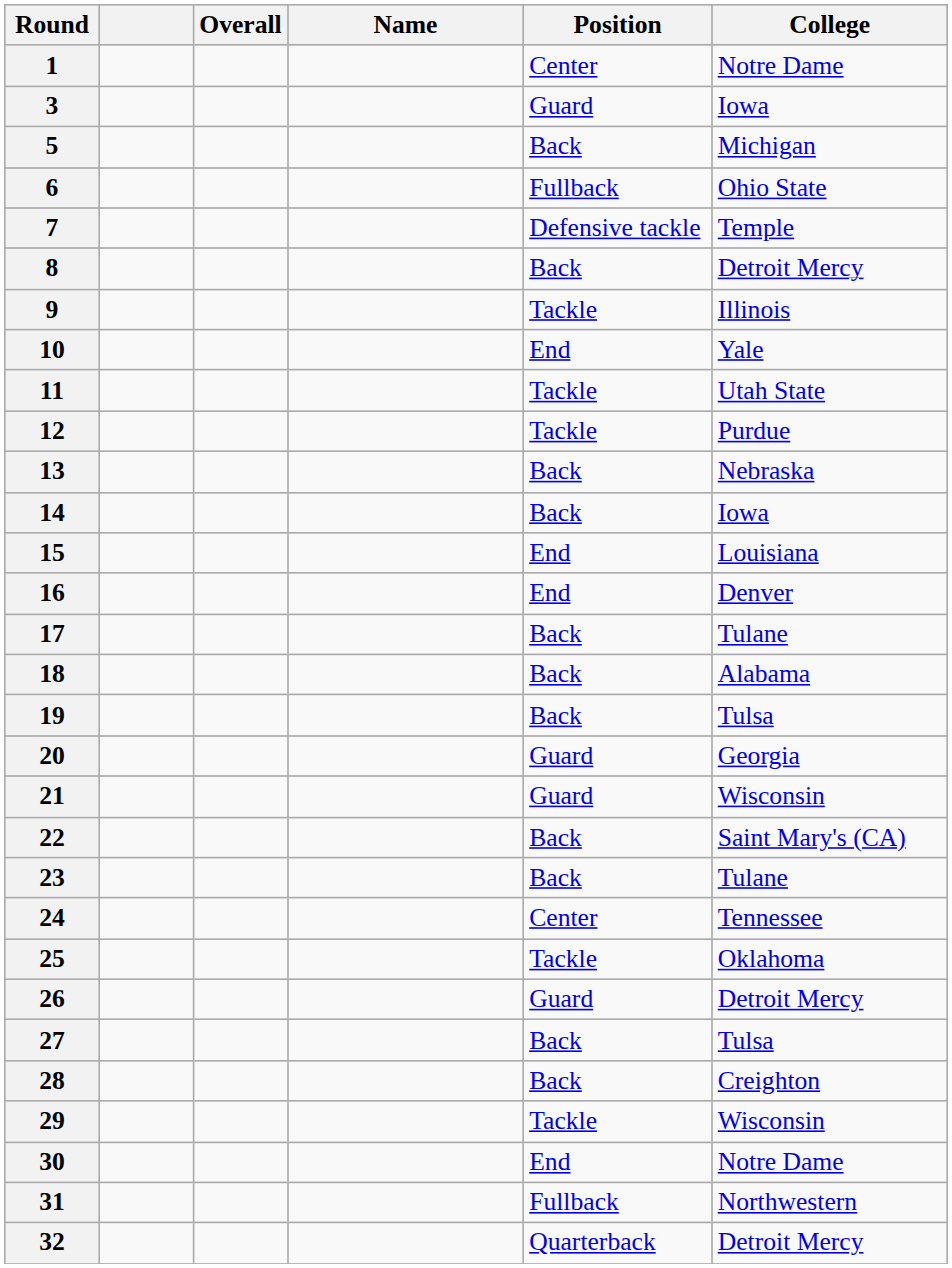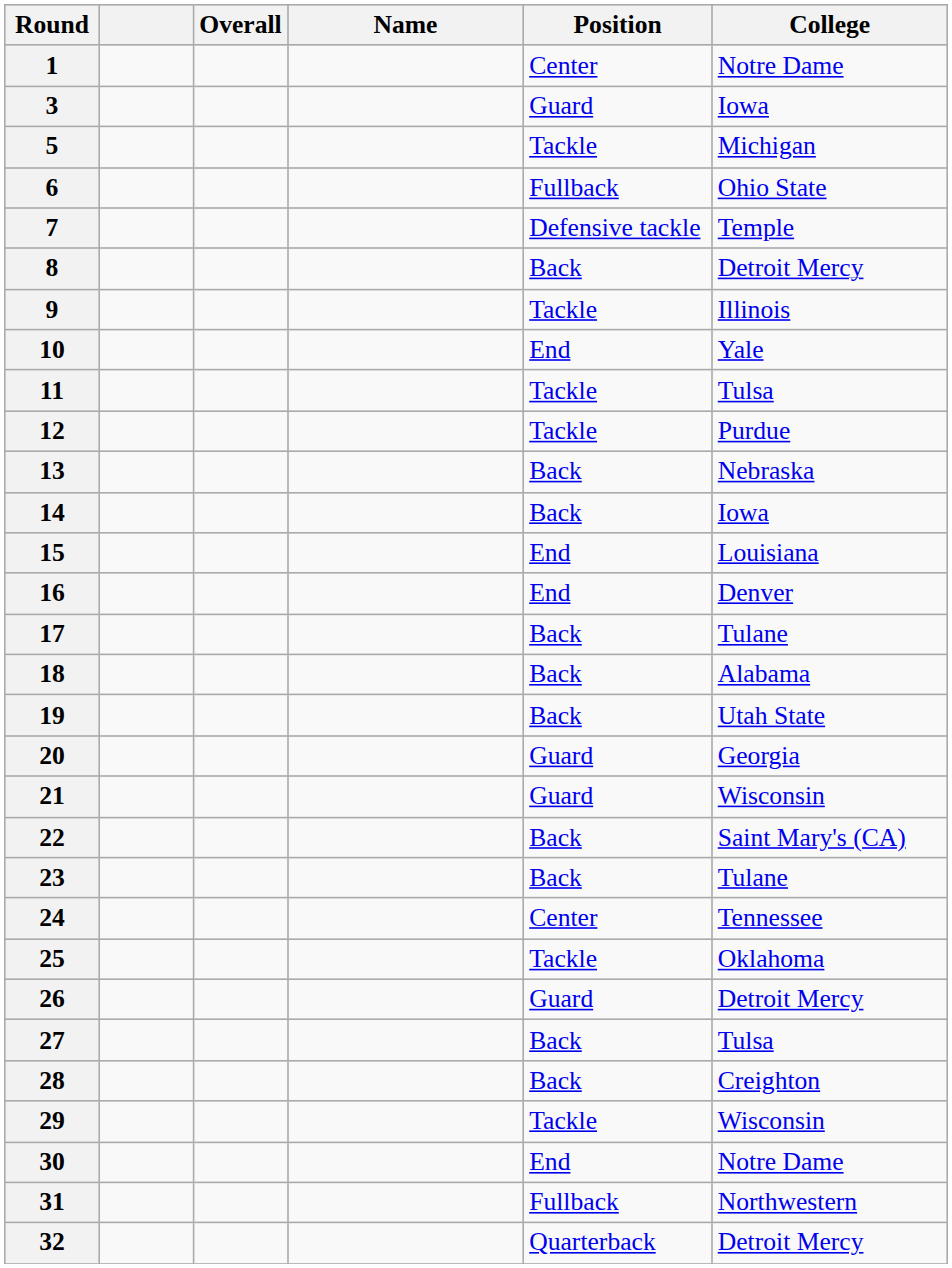 <table class="wikitable sortable">
 <tr>
 <th scope="col" style="width: 10%;">Round</th>
 <th scope="col" style="width: 10%;"></th>
 <th scope="col" style="width: 10%;">Overall</th>
 <th scope="col" style="width: 25%;">Name</th>
 <th scope="col" style="width: 20%;">Position</th>
 <th scope="col" style="width: 25%;">College</th>
 </tr>
 <tr>
 <th scope="row">1</th>
 <td></td>
 <td></td>
 <td></td>
 <td><a href='#'>Center</a></td>
 <td><a href='#'>Notre Dame</a></td>
 </tr>
 <tr>
 <th scope="row">3</th>
 <td></td>
 <td></td>
 <td></td>
 <td><a href='#'>Guard</a></td>
 <td><a href='#'>Iowa</a></td>
 </tr>
 <tr>
 <th scope="row">5</th>
 <td></td>
 <td></td>
 <td></td>
-<td><a href='#'>Back</a></td>
+<td><a href='#'>Tackle</a></td>
 <td><a href='#'>Michigan</a></td>
 </tr>
 <tr>
 <th scope="row">6</th>
 <td></td>
 <td></td>
 <td></td>
 <td><a href='#'>Fullback</a></td>
 <td><a href='#'>Ohio State</a></td>
 </tr>
 <tr>
 <th scope="row">7</th>
 <td></td>
 <td></td>
 <td></td>
 <td><a href='#'>Defensive tackle</a></td>
 <td><a href='#'>Temple</a></td>
 </tr>
 <tr>
 <th scope="row">8</th>
 <td></td>
 <td></td>
 <td></td>
 <td><a href='#'>Back</a></td>
 <td><a href='#'>Detroit Mercy</a></td>
 </tr>
 <tr>
 <th scope="row">9</th>
 <td></td>
 <td></td>
 <td></td>
 <td><a href='#'>Tackle</a></td>
 <td><a href='#'>Illinois</a></td>
 </tr>
 <tr>
 <th scope="row">10</th>
 <td></td>
 <td></td>
 <td></td>
 <td><a href='#'>End</a></td>
 <td><a href='#'>Yale</a></td>
 </tr>
 <tr>
 <th scope="row">11</th>
 <td></td>
 <td></td>
 <td></td>
 <td><a href='#'>Tackle</a></td>
-<td><a href='#'>Utah State</a></td>
+<td><a href='#'>Tulsa</a></td>
 </tr>
 <tr>
 <th scope="row">12</th>
 <td></td>
 <td></td>
 <td></td>
 <td><a href='#'>Tackle</a></td>
 <td><a href='#'>Purdue</a></td>
 </tr>
 <tr>
 <th scope="row">13</th>
 <td></td>
 <td></td>
 <td></td>
 <td><a href='#'>Back</a></td>
 <td><a href='#'>Nebraska</a></td>
 </tr>
 <tr>
 <th scope="row">14</th>
 <td></td>
 <td></td>
 <td></td>
 <td><a href='#'>Back</a></td>
 <td><a href='#'>Iowa</a></td>
 </tr>
 <tr>
 <th scope="row">15</th>
 <td></td>
 <td></td>
 <td></td>
 <td><a href='#'>End</a></td>
 <td><a href='#'>Louisiana</a></td>
 </tr>
 <tr>
 <th scope="row">16</th>
 <td></td>
 <td></td>
 <td></td>
 <td><a href='#'>End</a></td>
 <td><a href='#'>Denver</a></td>
 </tr>
 <tr>
 <th scope="row">17</th>
 <td></td>
 <td></td>
 <td></td>
 <td><a href='#'>Back</a></td>
 <td><a href='#'>Tulane</a></td>
 </tr>
 <tr>
 <th scope="row">18</th>
 <td></td>
 <td></td>
 <td></td>
 <td><a href='#'>Back</a></td>
 <td><a href='#'>Alabama</a></td>
 </tr>
 <tr>
 <th scope="row">19</th>
 <td></td>
 <td></td>
 <td></td>
 <td><a href='#'>Back</a></td>
-<td><a href='#'>Tulsa</a></td>
+<td><a href='#'>Utah State</a></td>
 </tr>
 <tr>
 <th scope="row">20</th>
 <td></td>
 <td></td>
 <td></td>
 <td><a href='#'>Guard</a></td>
 <td><a href='#'>Georgia</a></td>
 </tr>
 <tr>
 <th scope="row">21</th>
 <td></td>
 <td></td>
 <td></td>
 <td><a href='#'>Guard</a></td>
 <td><a href='#'>Wisconsin</a></td>
 </tr>
 <tr>
 <th scope="row">22</th>
 <td></td>
 <td></td>
 <td></td>
 <td><a href='#'>Back</a></td>
 <td><a href='#'>Saint Mary's (CA)</a></td>
 </tr>
 <tr>
 <th scope="row">23</th>
 <td></td>
 <td></td>
 <td></td>
 <td><a href='#'>Back</a></td>
 <td><a href='#'>Tulane</a></td>
 </tr>
 <tr>
 <th scope="row">24</th>
 <td></td>
 <td></td>
 <td></td>
 <td><a href='#'>Center</a></td>
 <td><a href='#'>Tennessee</a></td>
 </tr>
 <tr>
 <th scope="row">25</th>
 <td></td>
 <td></td>
 <td></td>
 <td><a href='#'>Tackle</a></td>
 <td><a href='#'>Oklahoma</a></td>
 </tr>
 <tr>
 <th scope="row">26</th>
 <td></td>
 <td></td>
 <td></td>
 <td><a href='#'>Guard</a></td>
 <td><a href='#'>Detroit Mercy</a></td>
 </tr>
 <tr>
 <th scope="row">27</th>
 <td></td>
 <td></td>
 <td></td>
 <td><a href='#'>Back</a></td>
 <td><a href='#'>Tulsa</a></td>
 </tr>
 <tr>
 <th scope="row">28</th>
 <td></td>
 <td></td>
 <td></td>
 <td><a href='#'>Back</a></td>
 <td><a href='#'>Creighton</a></td>
 </tr>
 <tr>
 <th scope="row">29</th>
 <td></td>
 <td></td>
 <td></td>
 <td><a href='#'>Tackle</a></td>
 <td><a href='#'>Wisconsin</a></td>
 </tr>
 <tr>
 <th scope="row">30</th>
 <td></td>
 <td></td>
 <td></td>
 <td><a href='#'>End</a></td>
 <td><a href='#'>Notre Dame</a></td>
 </tr>
 <tr>
 <th scope="row">31</th>
 <td></td>
 <td></td>
 <td></td>
 <td><a href='#'>Fullback</a></td>
 <td><a href='#'>Northwestern</a></td>
 </tr>
 <tr>
 <th scope="row">32</th>
 <td></td>
 <td></td>
 <td></td>
 <td><a href='#'>Quarterback</a></td>
 <td><a href='#'>Detroit Mercy</a></td>
 </tr>
 </table>
